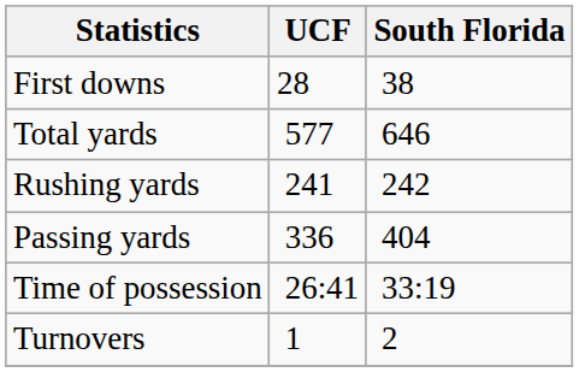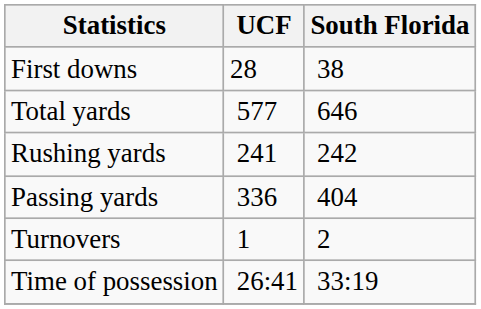 <table class="wikitable">
 <tr>
 <th>Statistics</th>
 <th>UCF</th>
 <th>South Florida</th>
 </tr>
 <tr>
 <td>First downs</td>
 <td>28</td>
 <td> 38</td>
 </tr>
 <tr>
 <td>Total yards</td>
 <td> 577</td>
 <td> 646</td>
 </tr>
 <tr>
 <td>Rushing yards</td>
 <td> 241</td>
 <td> 242</td>
 </tr>
 <tr>
 <td>Passing yards</td>
 <td> 336</td>
 <td> 404</td>
 </tr>
 <tr>
+<td>Turnovers</td>
+<td> 1</td>
+<td> 2</td>
+</tr>
+<tr>
 <td>Time of possession</td>
 <td> 26:41</td>
 <td> 33:19</td>
 </tr>
 <tr>
-<td>Turnovers</td>
-<td> 1</td>
-<td> 2</td>
-</tr>
-<tr>
 </tr>
 </table>
